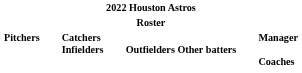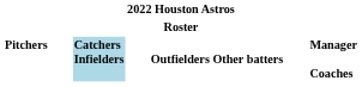 <table class="toccolours" style="font-size: 95%;">
 <tr>
 <th colspan="10">2022 Houston Astros</th>
 </tr>
 <tr>
 <th colspan="10">Roster</th>
 </tr>
 <tr>
 <td valign="top"><strong>Pitchers</strong><br>                     </td>
 <td style="width:25px;"></td>
-<td valign="top"><strong>Catchers</strong><br>     <strong>Infielders</strong>          </td>
+<td valign="top" style="background: lightblue;"><strong>Catchers</strong><br>     <strong>Infielders</strong>          </td>
 <td style="width:25px;"></td>
 <td valign="top"><br><strong>Outfielders</strong>       <strong>Other batters</strong> </td>
 <td style="width:25px;"></td>
 <td valign="top"><strong>Manager</strong><br><br><strong>Coaches</strong>                         </td>
 </tr>
 </table>
